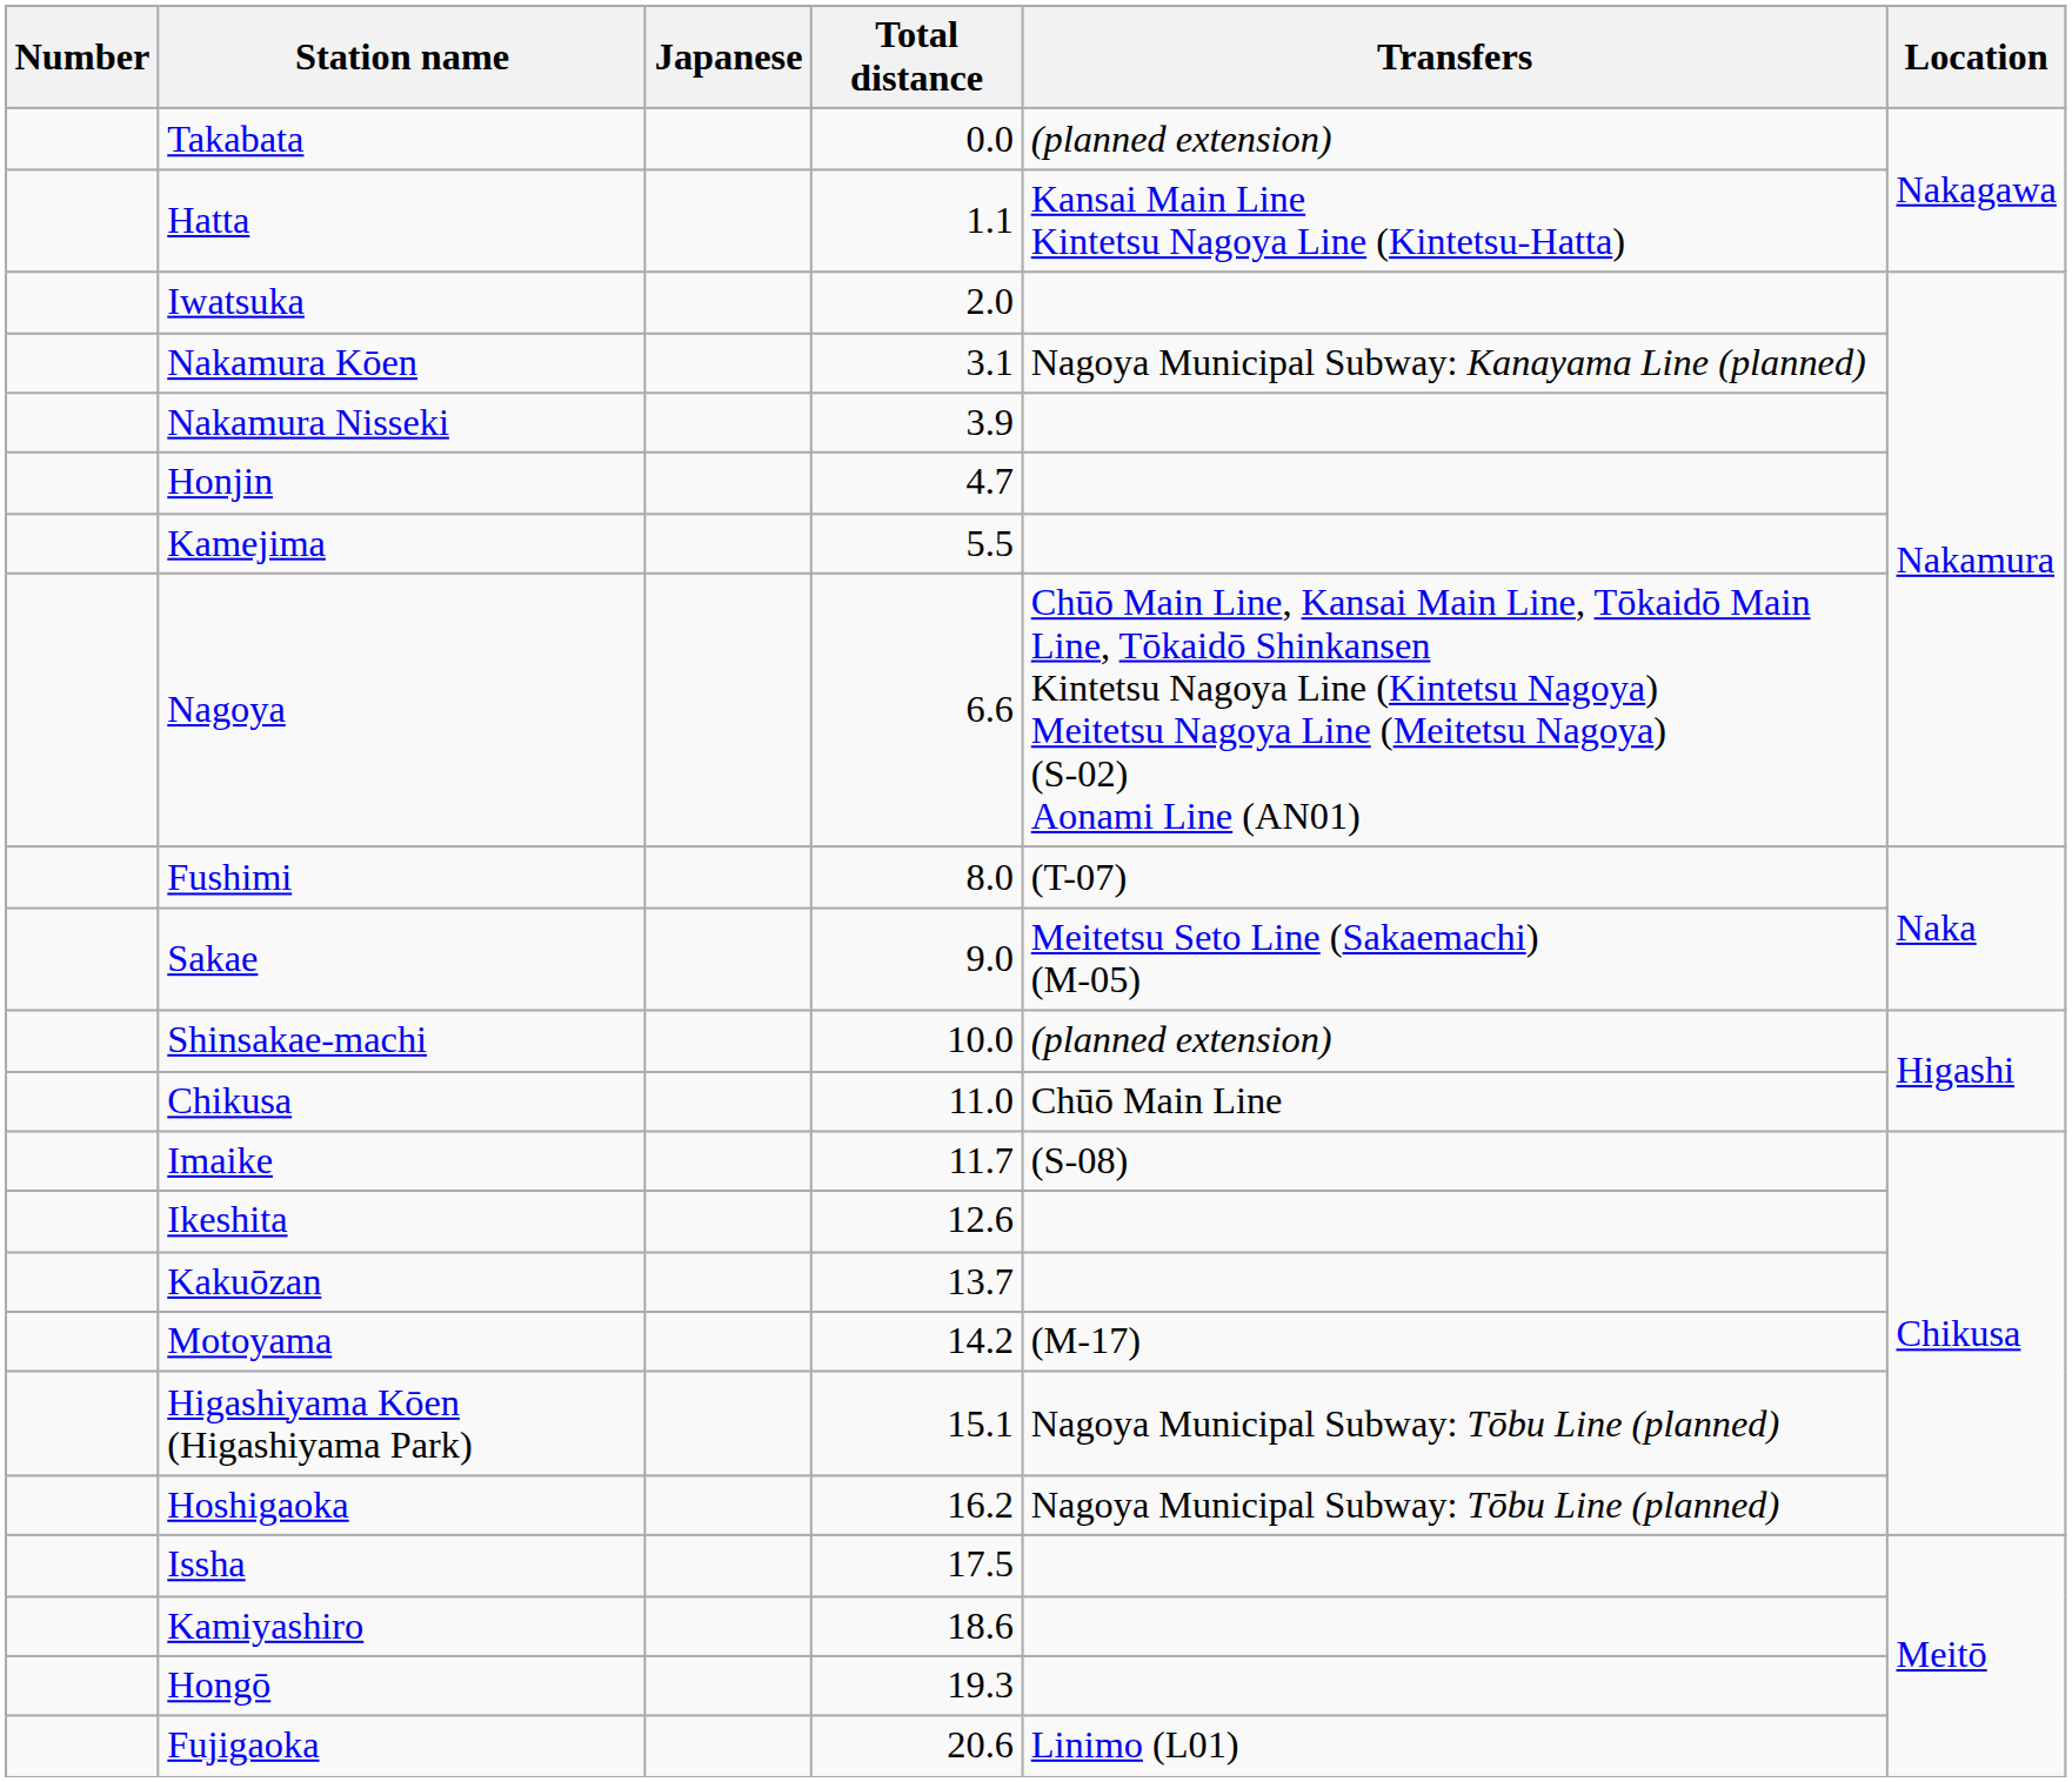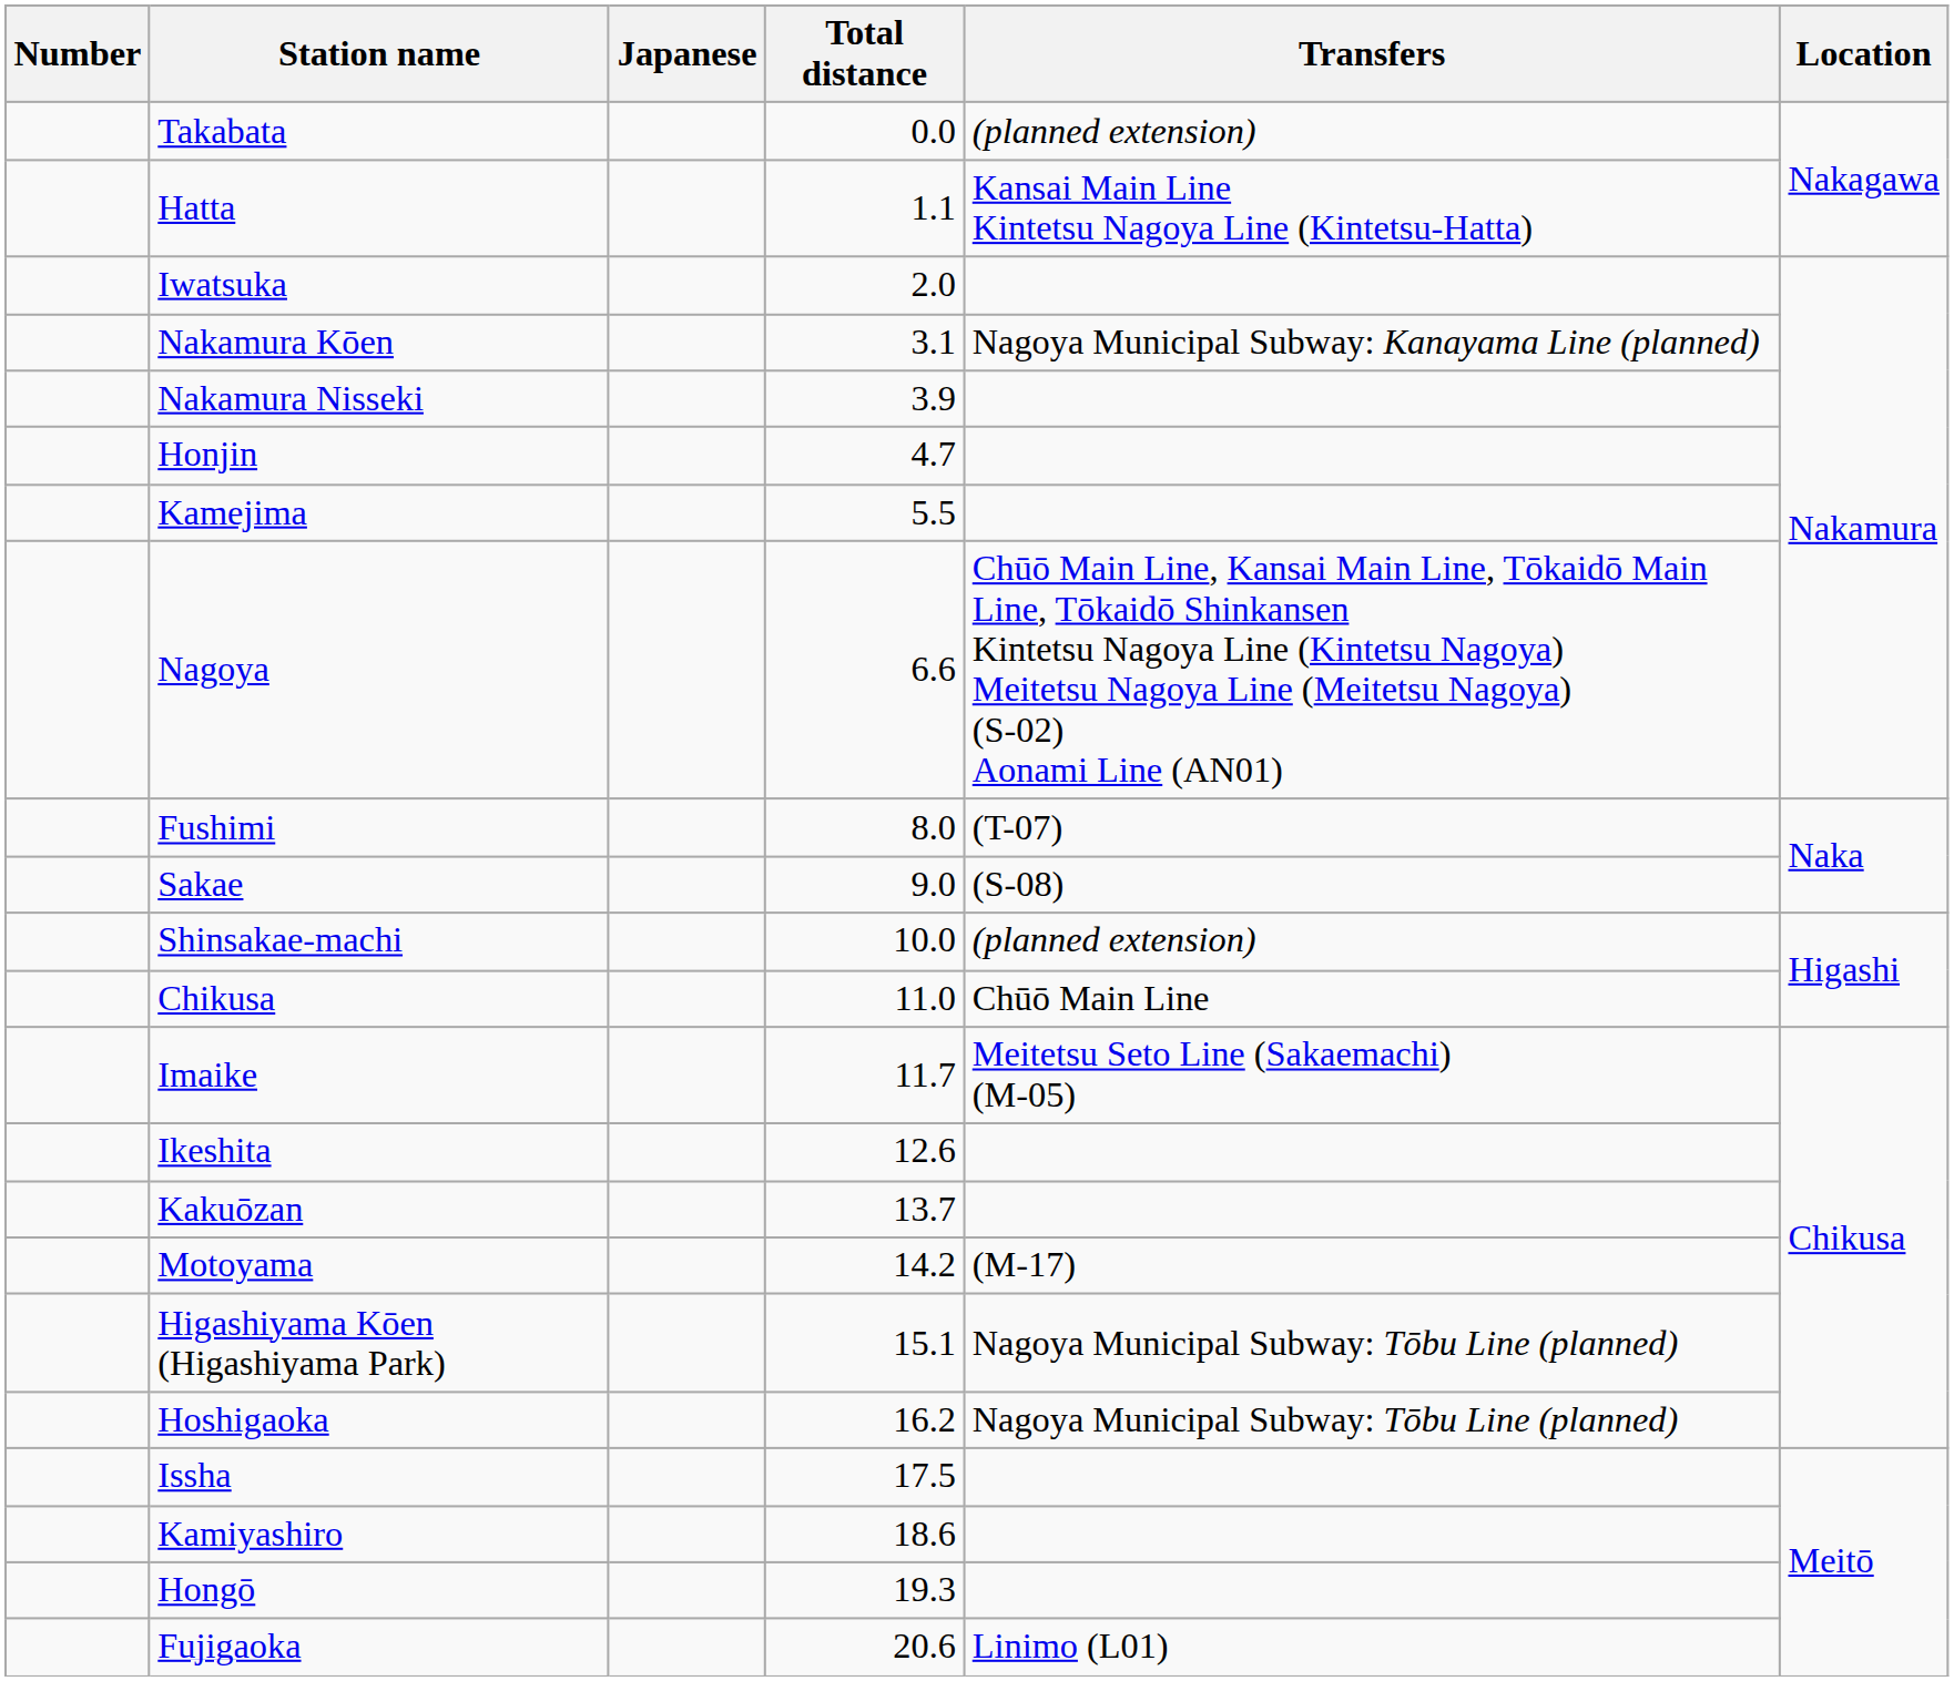 <table class="wikitable">
 <tr>
 <th style="border-bottom:3px solid #">Number</th>
 <th ! style="border-bottom:3px solid #">Station name</th>
 <th ! style="border-bottom:3px solid #">Japanese</th>
 <th ! style="border-bottom:3px solid #">Total distance</th>
 <th ! style="border-bottom:3px solid #">Transfers</th>
 <th ! style="border-bottom:3px solid #">Location</th>
 </tr>
 <tr>
 <td></td>
 <td><a href='#'>Takabata</a></td>
 <td></td>
 <td align=right>0.0</td>
 <td> <em>(planned extension)</em></td>
 <td rowspan=2><a href='#'>Nakagawa</a></td>
 </tr>
 <tr>
 <td></td>
 <td><a href='#'>Hatta</a></td>
 <td></td>
 <td align=right>1.1</td>
 <td><a href='#'>Kansai Main Line</a><br><a href='#'>Kintetsu Nagoya Line</a> (<a href='#'>Kintetsu-Hatta</a>)</td>
 </tr>
 <tr>
 <td></td>
 <td><a href='#'>Iwatsuka</a></td>
 <td></td>
 <td align=right>2.0</td>
 <td></td>
 <td rowspan=6><a href='#'>Nakamura</a></td>
 </tr>
 <tr>
 <td></td>
 <td><a href='#'>Nakamura Kōen</a></td>
 <td></td>
 <td align=right>3.1</td>
 <td>Nagoya Municipal Subway: <em>Kanayama Line (planned)</em></td>
 </tr>
 <tr>
 <td></td>
 <td><a href='#'>Nakamura Nisseki</a></td>
 <td></td>
 <td align=right>3.9</td>
 <td></td>
 </tr>
 <tr>
 <td></td>
 <td><a href='#'>Honjin</a></td>
 <td></td>
 <td align=right>4.7</td>
 <td></td>
 </tr>
 <tr>
 <td></td>
 <td><a href='#'>Kamejima</a></td>
 <td></td>
 <td align=right>5.5</td>
 <td></td>
 </tr>
 <tr>
 <td></td>
 <td><a href='#'>Nagoya</a></td>
 <td></td>
 <td align=right>6.6</td>
 <td><a href='#'>Chūō Main Line</a>, <a href='#'>Kansai Main Line</a>, <a href='#'>Tōkaidō Main Line</a>, <a href='#'>Tōkaidō Shinkansen</a><br>Kintetsu Nagoya Line (<a href='#'>Kintetsu Nagoya</a>)<br><a href='#'>Meitetsu Nagoya Line</a> (<a href='#'>Meitetsu Nagoya</a>)<br> (S-02)<br><a href='#'>Aonami Line</a> (AN01)</td>
 </tr>
 <tr>
 <td></td>
 <td><a href='#'>Fushimi</a></td>
 <td></td>
 <td align=right>8.0</td>
 <td> (T-07)</td>
 <td rowspan=2><a href='#'>Naka</a></td>
 </tr>
 <tr>
 <td></td>
 <td><a href='#'>Sakae</a></td>
 <td></td>
 <td align=right>9.0</td>
-<td><a href='#'>Meitetsu Seto Line</a> (<a href='#'>Sakaemachi</a>)<br> (M-05)</td>
+<td> (S-08)</td>
 </tr>
 <tr>
 <td></td>
 <td><a href='#'>Shinsakae-machi</a></td>
 <td></td>
 <td align=right>10.0</td>
 <td> <em>(planned extension)</em></td>
 <td rowspan=2><a href='#'>Higashi</a></td>
 </tr>
 <tr>
 <td></td>
 <td><a href='#'>Chikusa</a></td>
 <td></td>
 <td align=right>11.0</td>
 <td>Chūō Main Line</td>
 </tr>
 <tr>
 <td></td>
 <td><a href='#'>Imaike</a></td>
 <td></td>
 <td align=right>11.7</td>
-<td> (S-08)</td>
+<td><a href='#'>Meitetsu Seto Line</a> (<a href='#'>Sakaemachi</a>)<br> (M-05)</td>
 <td rowspan=6><a href='#'>Chikusa</a></td>
 </tr>
 <tr>
 <td></td>
 <td><a href='#'>Ikeshita</a></td>
 <td></td>
 <td align=right>12.6</td>
 <td></td>
 </tr>
 <tr>
 <td></td>
 <td><a href='#'>Kakuōzan</a></td>
 <td></td>
 <td align=right>13.7</td>
 <td></td>
 </tr>
 <tr>
 <td></td>
 <td><a href='#'>Motoyama</a></td>
 <td></td>
 <td align=right>14.2</td>
 <td> (M-17)</td>
 </tr>
 <tr>
 <td></td>
 <td><a href='#'>Higashiyama Kōen</a> (Higashiyama Park)</td>
 <td></td>
 <td align=right>15.1</td>
 <td>Nagoya Municipal Subway: <em>Tōbu Line (planned)</em></td>
 </tr>
 <tr>
 <td></td>
 <td><a href='#'>Hoshigaoka</a></td>
 <td></td>
 <td align=right>16.2</td>
 <td>Nagoya Municipal Subway: <em>Tōbu Line (planned)</em></td>
 </tr>
 <tr>
 <td></td>
 <td><a href='#'>Issha</a></td>
 <td></td>
 <td align=right>17.5</td>
 <td></td>
 <td rowspan=4><a href='#'>Meitō</a></td>
 </tr>
 <tr>
 <td></td>
 <td><a href='#'>Kamiyashiro</a></td>
 <td></td>
 <td align=right>18.6</td>
 <td></td>
 </tr>
 <tr>
 <td></td>
 <td><a href='#'>Hongō</a></td>
 <td></td>
 <td align=right>19.3</td>
 <td></td>
 </tr>
 <tr>
 <td></td>
 <td><a href='#'>Fujigaoka</a></td>
 <td></td>
 <td align=right>20.6</td>
 <td><a href='#'>Linimo</a> (L01)</td>
 </tr>
 </table>
